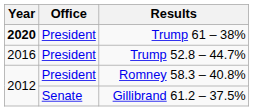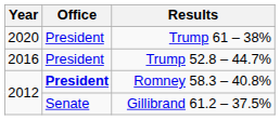 <table class=wikitable>
 <tr>
 <th width="30">Year</th>
 <th width="60">Office</th>
 <th width="180">Results</th>
 </tr>
 <tr>
-<td><strong>2020</strong></td>
+<td>2020</td>
 <td><a href='#'>President</a></td>
 <td align="right" ><a href='#'>Trump</a> 61 – 38%</td>
 </tr>
 <tr>
 <td>2016</td>
 <td><a href='#'>President</a></td>
 <td align="right" ><a href='#'>Trump</a> 52.8 – 44.7%</td>
 </tr>
 <tr>
 <td rowspan="2">2012</td>
-<td><a href='#'>President</a></td>
+<td><strong><a href='#'>President</a></strong></td>
 <td align="right" ><a href='#'>Romney</a> 58.3 – 40.8%</td>
 </tr>
 <tr>
 <td><a href='#'>Senate</a></td>
 <td align="right" ><a href='#'>Gillibrand</a> 61.2 – 37.5%</td>
 </tr>
 </table>
